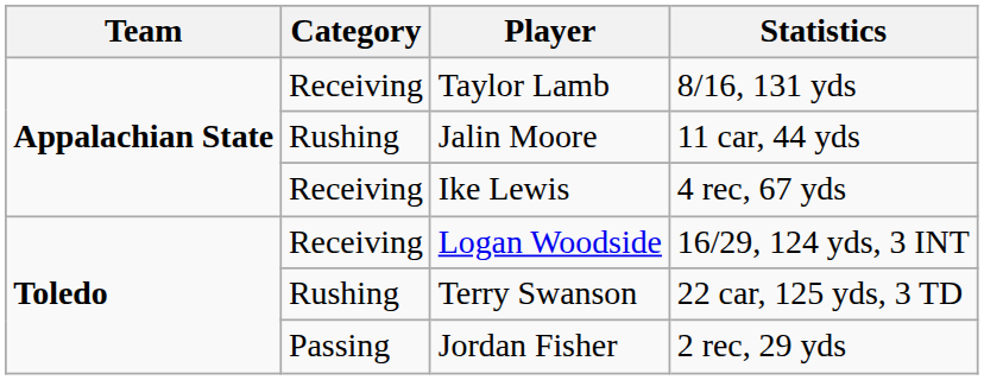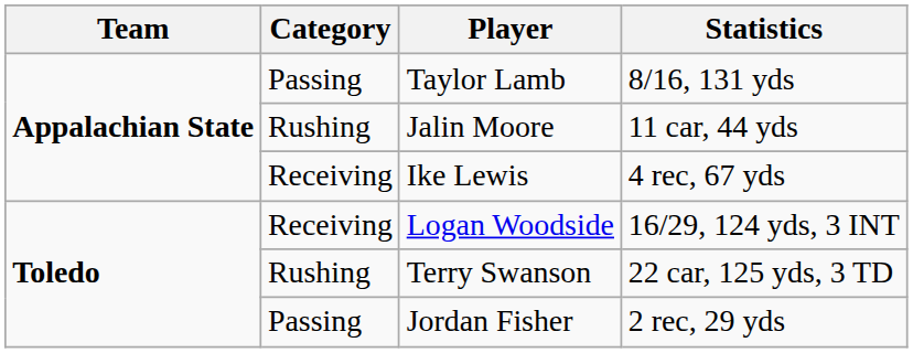 <table class="wikitable">
 <tr>
 <th>Team</th>
 <th>Category</th>
 <th>Player</th>
 <th>Statistics</th>
 </tr>
 <tr>
 <td rowspan=3><strong>Appalachian State</strong></td>
-<td>Receiving</td>
+<td>Passing</td>
 <td>Taylor Lamb</td>
 <td>8/16, 131 yds</td>
 </tr>
 <tr>
 <td>Rushing</td>
 <td>Jalin Moore</td>
 <td>11 car, 44 yds</td>
 </tr>
 <tr>
 <td>Receiving</td>
 <td>Ike Lewis</td>
 <td>4 rec, 67 yds</td>
 </tr>
 <tr>
 <td rowspan=3><strong>Toledo</strong></td>
 <td>Receiving</td>
 <td><a href='#'>Logan Woodside</a></td>
 <td>16/29, 124 yds, 3 INT</td>
 </tr>
 <tr>
 <td>Rushing</td>
 <td>Terry Swanson</td>
 <td>22 car, 125 yds, 3 TD</td>
 </tr>
 <tr>
 <td>Passing</td>
 <td>Jordan Fisher</td>
 <td>2 rec, 29 yds</td>
 </tr>
 </table>
